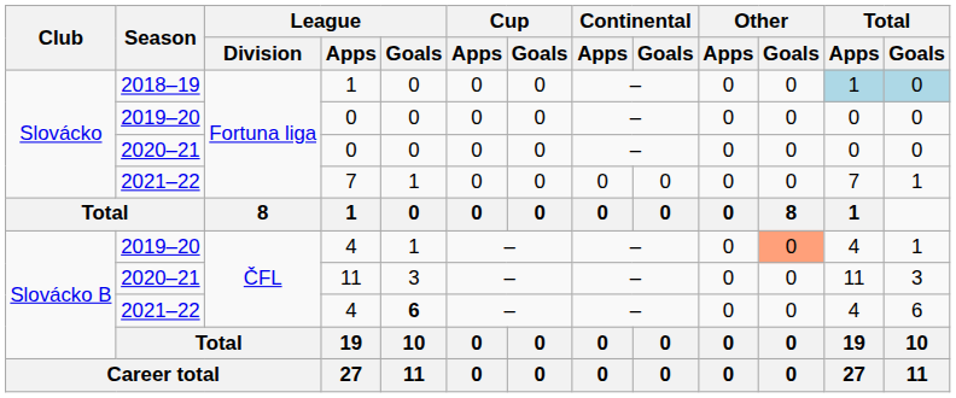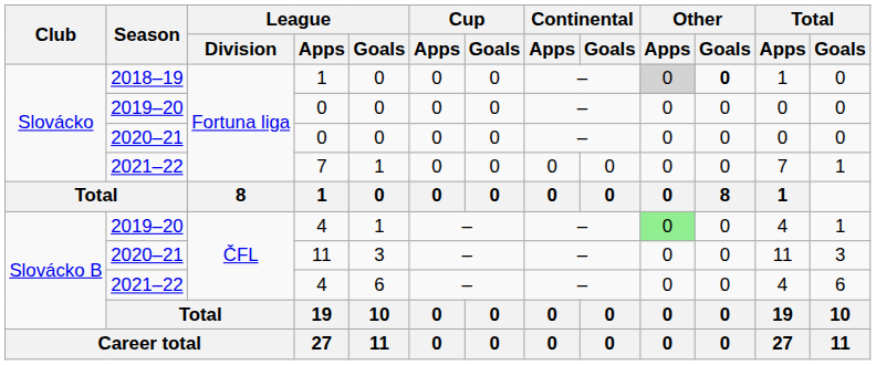 <table class="wikitable" style="text-align: center">
 <tr>
 <th rowspan="2">Club</th>
 <th rowspan="2">Season</th>
 <th colspan="3">League</th>
 <th colspan="2">Cup</th>
 <th colspan="2">Continental</th>
 <th colspan="2">Other</th>
 <th colspan="2">Total</th>
 </tr>
 <tr>
 <th>Division</th>
 <th>Apps</th>
 <th>Goals</th>
 <th>Apps</th>
 <th>Goals</th>
 <th>Apps</th>
 <th>Goals</th>
 <th>Apps</th>
 <th>Goals</th>
 <th>Apps</th>
 <th>Goals</th>
 </tr>
 <tr>
 <td rowspan="4"><a href='#'>Slovácko</a></td>
 <td><a href='#'>2018–19</a></td>
 <td rowspan="4"><a href='#'>Fortuna liga</a></td>
 <td>1</td>
 <td>0</td>
 <td>0</td>
 <td>0</td>
 <td colspan="2">–</td>
+<td style="background: lightgrey;">0</td>
+<td><strong>0</strong></td>
+<td>1</td>
 <td>0</td>
-<td>0</td>
-<td style="background: lightblue;">1</td>
-<td style="background: lightblue;">0</td>
 </tr>
 <tr>
 <td><a href='#'>2019–20</a></td>
 <td>0</td>
 <td>0</td>
 <td>0</td>
 <td>0</td>
 <td colspan="2">–</td>
 <td>0</td>
 <td>0</td>
 <td>0</td>
 <td>0</td>
 </tr>
 <tr>
 <td><a href='#'>2020–21</a></td>
 <td>0</td>
 <td>0</td>
 <td>0</td>
 <td>0</td>
 <td colspan="2">–</td>
 <td>0</td>
 <td>0</td>
 <td>0</td>
 <td>0</td>
 </tr>
 <tr>
 <td><a href='#'>2021–22</a></td>
 <td>7</td>
 <td>1</td>
 <td>0</td>
 <td>0</td>
 <td>0</td>
 <td>0</td>
 <td>0</td>
 <td>0</td>
 <td>7</td>
 <td>1</td>
 </tr>
 <tr>
 <th colspan="2"><strong>Total</strong></th>
 <th>8</th>
 <th>1</th>
 <th>0</th>
 <th>0</th>
 <th>0</th>
 <th>0</th>
 <th>0</th>
 <th>0</th>
 <th>8</th>
 <th>1</th>
 </tr>
 <tr>
 <td rowspan="4"><a href='#'>Slovácko B</a></td>
 <td><a href='#'>2019–20</a></td>
 <td rowspan="3"><a href='#'>ČFL</a></td>
 <td>4</td>
 <td>1</td>
 <td colspan="2">–</td>
 <td colspan="2">–</td>
+<td style="background: lightgreen;">0</td>
 <td>0</td>
-<td style="background: lightsalmon;">0</td>
 <td>4</td>
 <td>1</td>
 </tr>
 <tr>
 <td><a href='#'>2020–21</a></td>
 <td>11</td>
 <td>3</td>
 <td colspan="2">–</td>
 <td colspan="2">–</td>
 <td>0</td>
 <td>0</td>
 <td>11</td>
 <td>3</td>
 </tr>
 <tr>
 <td><a href='#'>2021–22</a></td>
 <td>4</td>
-<td><strong>6</strong></td>
+<td>6</td>
 <td colspan="2">–</td>
 <td colspan="2">–</td>
 <td>0</td>
 <td>0</td>
 <td>4</td>
 <td>6</td>
 </tr>
 <tr>
 <th colspan="2"><strong>Total</strong></th>
 <th>19</th>
 <th>10</th>
 <th>0</th>
 <th>0</th>
 <th>0</th>
 <th>0</th>
 <th>0</th>
 <th>0</th>
 <th>19</th>
 <th>10</th>
 </tr>
 <tr>
 <th colspan="3"><strong>Career total</strong></th>
 <th>27</th>
 <th>11</th>
 <th>0</th>
 <th>0</th>
 <th>0</th>
 <th>0</th>
 <th>0</th>
 <th>0</th>
 <th>27</th>
 <th>11</th>
 </tr>
 </table>
